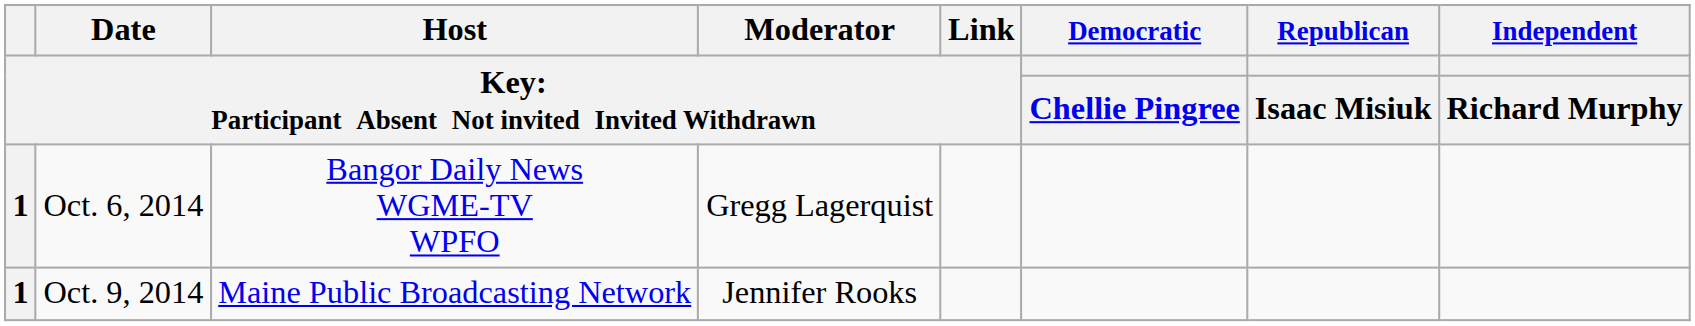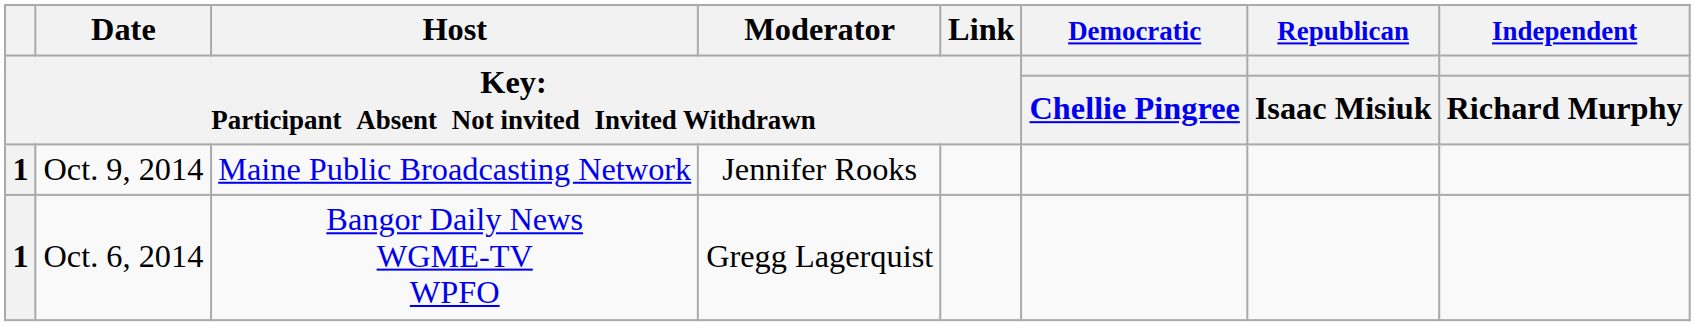 <table class="wikitable" style="text-align:center;">
 <tr>
 <th scope="col"></th>
 <th scope="col">Date</th>
 <th scope="col">Host</th>
 <th scope="col">Moderator</th>
 <th scope="col">Link</th>
 <th scope="col"><small><a href='#'>Democratic</a></small></th>
 <th scope="col"><small><a href='#'>Republican</a></small></th>
 <th scope="col"><small><a href='#'>Independent</a></small></th>
 </tr>
 <tr>
 <th colspan="5" rowspan="2">Key:<br> <small>Participant </small>  <small>Absent </small>  <small>Not invited </small>  <small>Invited  Withdrawn</small></th>
 <th scope="col" style="background:"></th>
 <th scope="col" style="background:"></th>
 <th scope="col" style="background:"></th>
 </tr>
 <tr>
 <th scope="col"><a href='#'>Chellie Pingree</a></th>
 <th scope="col">Isaac Misiuk</th>
 <th scope="col">Richard Murphy</th>
 </tr>
 <tr>
 <th>1</th>
+<td style="white-space:nowrap;">Oct. 9, 2014</td>
+<td style="white-space:nowrap;"><a href='#'>Maine Public Broadcasting Network</a></td>
+<td style="white-space:nowrap;">Jennifer Rooks</td>
+<td style="white-space:nowrap;"></td>
+<td></td>
+<td></td>
+<td></td>
+</tr>
+<tr>
+<th>1</th>
 <td style="white-space:nowrap;">Oct. 6, 2014</td>
 <td style="white-space:nowrap;"><a href='#'>Bangor Daily News</a><br><a href='#'>WGME-TV</a><br><a href='#'>WPFO</a></td>
 <td style="white-space:nowrap;">Gregg Lagerquist</td>
 <td style="white-space:nowrap;"></td>
 <td></td>
 <td></td>
 <td></td>
 </tr>
-<tr>
-<th>1</th>
-<td style="white-space:nowrap;">Oct. 9, 2014</td>
-<td style="white-space:nowrap;"><a href='#'>Maine Public Broadcasting Network</a></td>
-<td style="white-space:nowrap;">Jennifer Rooks</td>
-<td style="white-space:nowrap;"></td>
-<td></td>
-<td></td>
-<td></td>
-</tr>
 </table>
